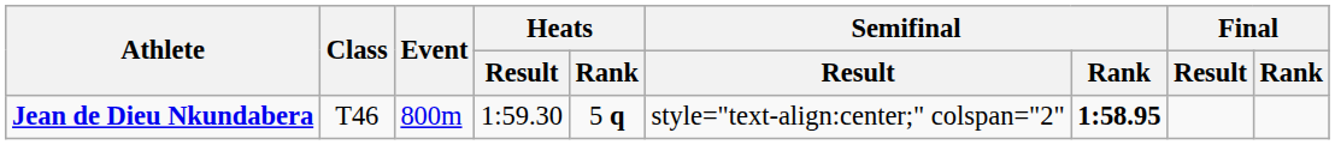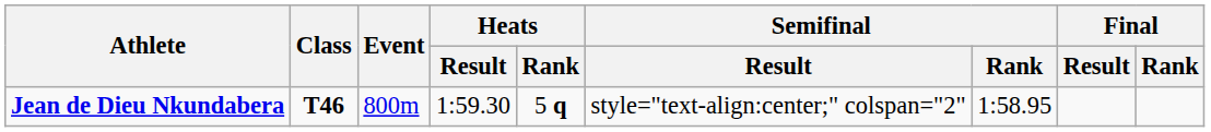 <table class=wikitable style="font-size:90%">
 <tr>
 <th rowspan="2">Athlete</th>
 <th rowspan="2">Class</th>
 <th rowspan="2">Event</th>
 <th colspan="2">Heats</th>
 <th colspan="2">Semifinal</th>
 <th colspan="2">Final</th>
 </tr>
 <tr>
 <th>Result</th>
 <th>Rank</th>
 <th>Result</th>
 <th>Rank</th>
 <th>Result</th>
 <th>Rank</th>
 </tr>
 <tr>
 <td><strong><a href='#'>Jean de Dieu Nkundabera</a></strong></td>
-<td style="text-align:center;">T46</td>
+<td style="text-align:center;"><strong>T46</strong></td>
 <td><a href='#'>800m</a></td>
 <td style="text-align:center;">1:59.30</td>
 <td style="text-align:center;">5 <strong>q</strong></td>
 <td>style="text-align:center;" colspan="2" </td>
-<td style="text-align:center;"><strong>1:58.95</strong></td>
+<td style="text-align:center;">1:58.95</td>
 <td style="text-align:center;"></td>
 </tr>
 </table>
